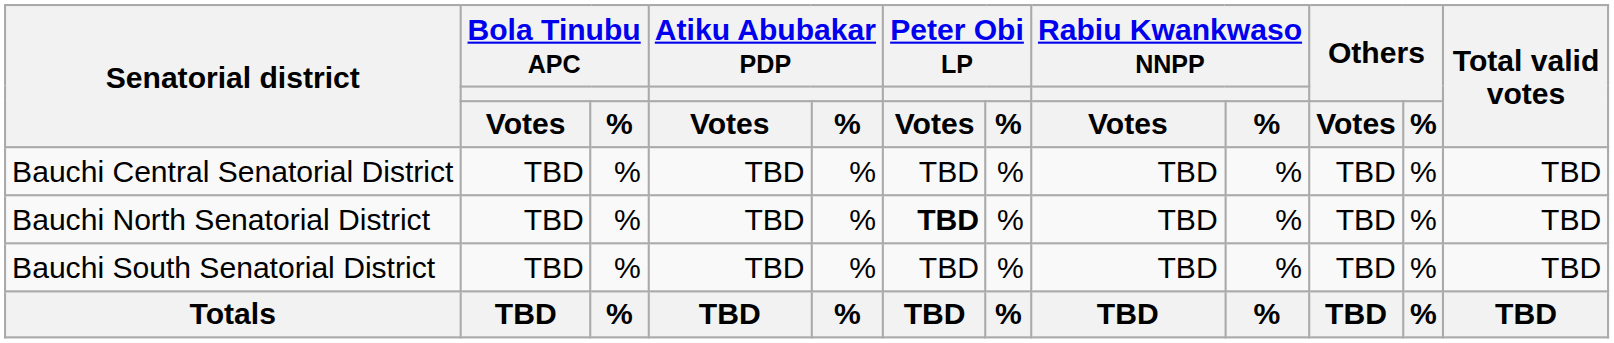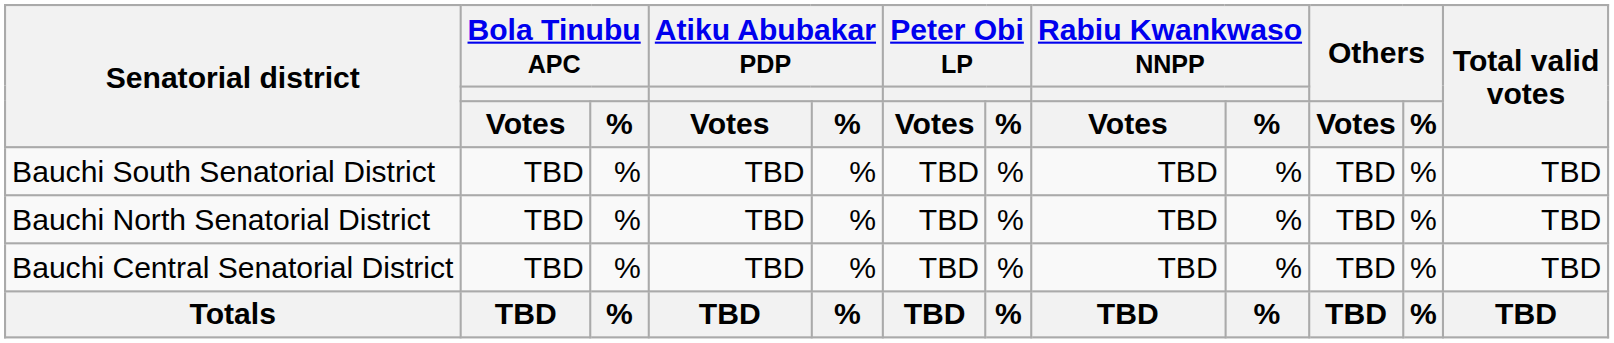 <table class="wikitable sortable" style="text-align:right; font-size:90%">
 <tr>
 <th rowspan="3" style="max-width:7.5em;">Senatorial district</th>
 <th colspan="2"><a href='#'>Bola Tinubu</a><br><small>APC</small></th>
 <th colspan="2"><a href='#'>Atiku Abubakar</a><br><small>PDP</small></th>
 <th colspan="2"><a href='#'>Peter Obi</a><br><small>LP</small></th>
 <th colspan="2"><a href='#'>Rabiu Kwankwaso</a><br><small>NNPP</small></th>
 <th colspan="2" rowspan="2">Others</th>
 <th rowspan="3" style="max-width:5em;">Total valid votes</th>
 </tr>
 <tr>
 <th colspan=2 style="background-color:"></th>
 <th colspan=2 style="background-color:"></th>
 <th colspan=2 style="background-color:"></th>
 <th colspan=2 style="background-color:"></th>
 </tr>
 <tr>
 <th>Votes</th>
 <th>%</th>
 <th>Votes</th>
 <th>%</th>
 <th>Votes</th>
 <th>%</th>
 <th>Votes</th>
 <th>%</th>
 <th>Votes</th>
 <th>%</th>
 </tr>
 <tr style="background-color:#">
-<td style="text-align:left;">Bauchi Central Senatorial District</td>
+<td style="text-align:left;">Bauchi South Senatorial District</td>
 <td>TBD</td>
 <td>%</td>
 <td>TBD</td>
 <td>%</td>
 <td>TBD</td>
 <td>%</td>
 <td>TBD</td>
 <td>%</td>
 <td>TBD</td>
 <td>%</td>
 <td>TBD</td>
 </tr>
 <tr style="background-color:#">
 <td style="text-align:left;">Bauchi North Senatorial District</td>
 <td>TBD</td>
 <td>%</td>
 <td>TBD</td>
 <td>%</td>
-<td><strong>TBD</strong></td>
+<td>TBD</td>
 <td>%</td>
 <td>TBD</td>
 <td>%</td>
 <td>TBD</td>
 <td>%</td>
 <td>TBD</td>
 </tr>
 <tr style="background-color:#">
-<td style="text-align:left;">Bauchi South Senatorial District</td>
+<td style="text-align:left;">Bauchi Central Senatorial District</td>
 <td>TBD</td>
 <td>%</td>
 <td>TBD</td>
 <td>%</td>
 <td>TBD</td>
 <td>%</td>
 <td>TBD</td>
 <td>%</td>
 <td>TBD</td>
 <td>%</td>
 <td>TBD</td>
 </tr>
 <tr>
 <th>Totals</th>
 <th>TBD</th>
 <th>%</th>
 <th>TBD</th>
 <th>%</th>
 <th>TBD</th>
 <th>%</th>
 <th>TBD</th>
 <th>%</th>
 <th>TBD</th>
 <th>%</th>
 <th>TBD</th>
 </tr>
 </table>
